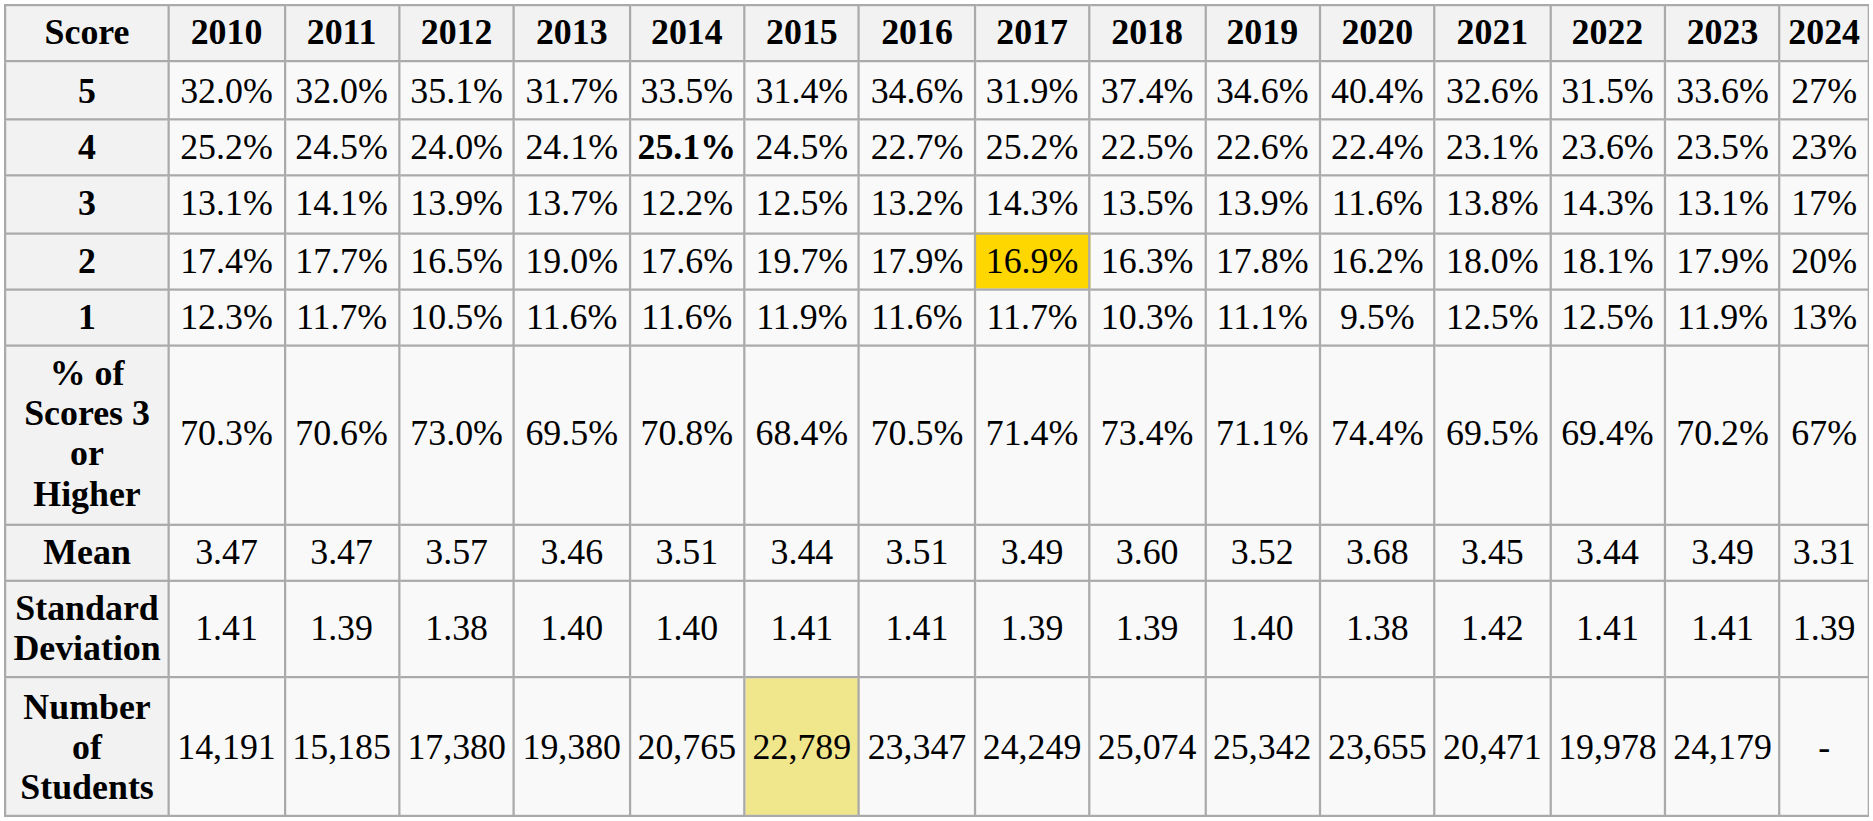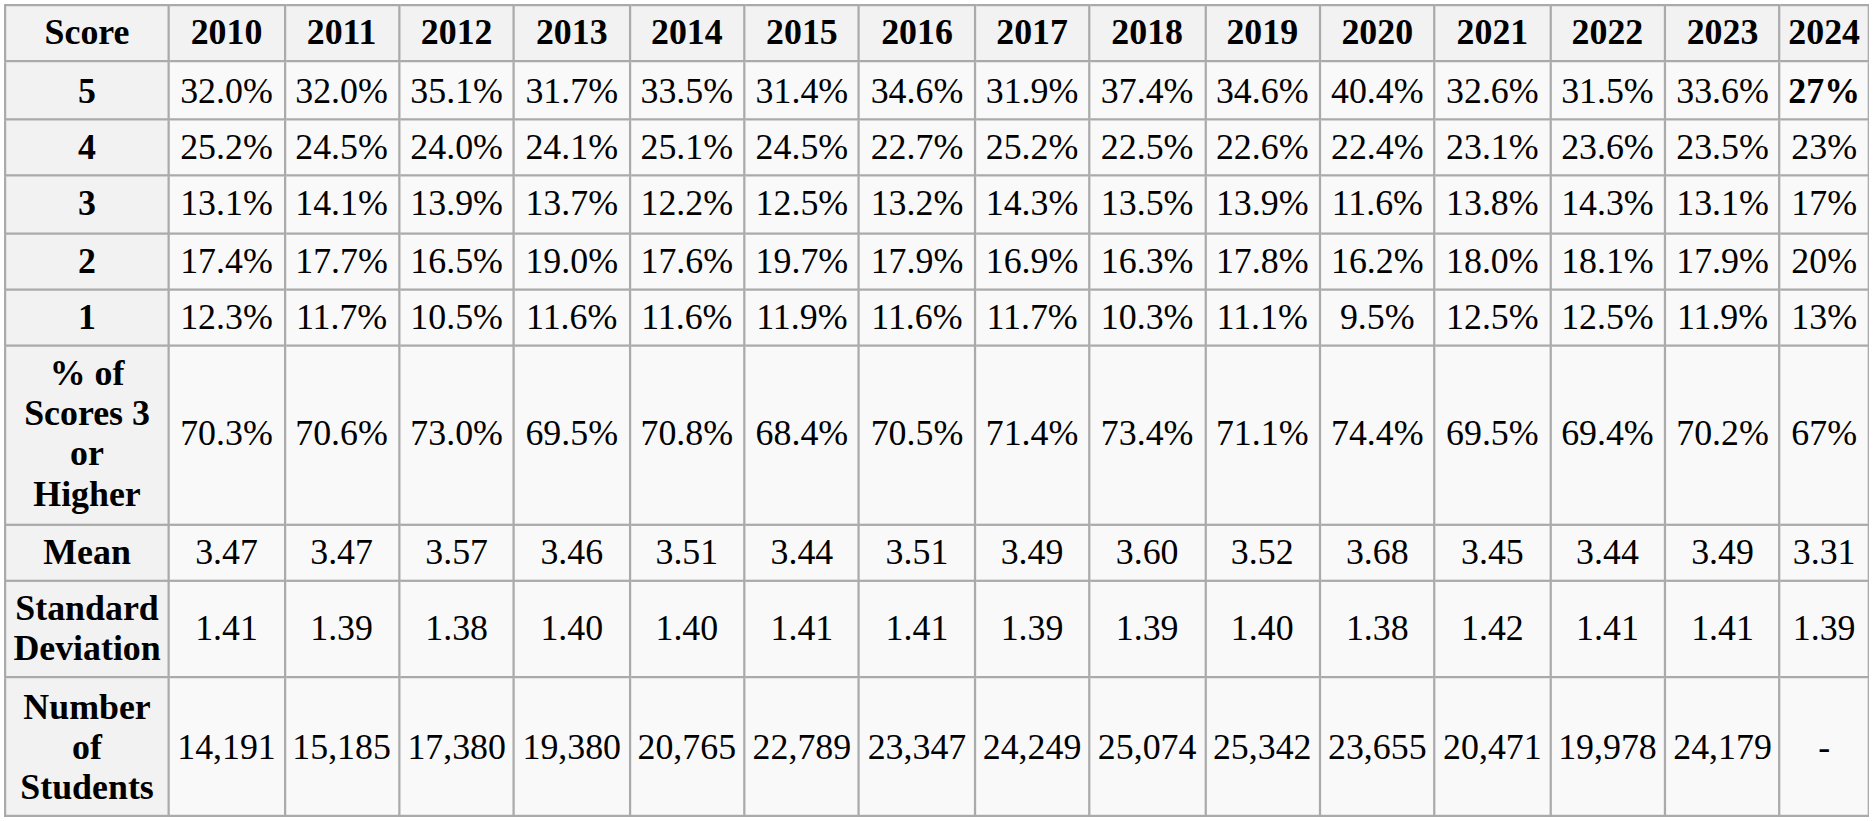 <table class="wikitable" border="1">
 <tr>
 <th>Score</th>
 <th>2010</th>
 <th>2011</th>
 <th>2012</th>
 <th>2013</th>
 <th>2014</th>
 <th>2015</th>
 <th>2016</th>
 <th>2017</th>
 <th>2018</th>
 <th>2019</th>
 <th>2020</th>
 <th>2021</th>
 <th>2022</th>
 <th>2023</th>
 <th>2024</th>
 </tr>
 <tr align="center">
 <th>5</th>
 <td>32.0%</td>
 <td>32.0%</td>
 <td>35.1%</td>
 <td>31.7%</td>
 <td>33.5%</td>
 <td>31.4%</td>
 <td>34.6%</td>
 <td>31.9%</td>
 <td>37.4%</td>
 <td>34.6%</td>
 <td>40.4%</td>
 <td>32.6%</td>
 <td>31.5%</td>
 <td>33.6%</td>
-<td>27%</td>
+<td><strong>27%</strong></td>
 </tr>
 <tr align="center">
 <th>4</th>
 <td>25.2%</td>
 <td>24.5%</td>
 <td>24.0%</td>
 <td>24.1%</td>
-<td><strong>25.1%</strong></td>
+<td>25.1%</td>
 <td>24.5%</td>
 <td>22.7%</td>
 <td>25.2%</td>
 <td>22.5%</td>
 <td>22.6%</td>
 <td>22.4%</td>
 <td>23.1%</td>
 <td>23.6%</td>
 <td>23.5%</td>
 <td>23%</td>
 </tr>
 <tr align="center">
 <th>3</th>
 <td>13.1%</td>
 <td>14.1%</td>
 <td>13.9%</td>
 <td>13.7%</td>
 <td>12.2%</td>
 <td>12.5%</td>
 <td>13.2%</td>
 <td>14.3%</td>
 <td>13.5%</td>
 <td>13.9%</td>
 <td>11.6%</td>
 <td>13.8%</td>
 <td>14.3%</td>
 <td>13.1%</td>
 <td>17%</td>
 </tr>
 <tr align="center">
 <th>2</th>
 <td>17.4%</td>
 <td>17.7%</td>
 <td>16.5%</td>
 <td>19.0%</td>
 <td>17.6%</td>
 <td>19.7%</td>
 <td>17.9%</td>
-<td style="background: gold;">16.9%</td>
+<td>16.9%</td>
 <td>16.3%</td>
 <td>17.8%</td>
 <td>16.2%</td>
 <td>18.0%</td>
 <td>18.1%</td>
 <td>17.9%</td>
 <td>20%</td>
 </tr>
 <tr align="center">
 <th>1</th>
 <td>12.3%</td>
 <td>11.7%</td>
 <td>10.5%</td>
 <td>11.6%</td>
 <td>11.6%</td>
 <td>11.9%</td>
 <td>11.6%</td>
 <td>11.7%</td>
 <td>10.3%</td>
 <td>11.1%</td>
 <td>9.5%</td>
 <td>12.5%</td>
 <td>12.5%</td>
 <td>11.9%</td>
 <td>13%</td>
 </tr>
 <tr align="center">
 <th>% of Scores 3 or Higher</th>
 <td>70.3%</td>
 <td>70.6%</td>
 <td>73.0%</td>
 <td>69.5%</td>
 <td>70.8%</td>
 <td>68.4%</td>
 <td>70.5%</td>
 <td>71.4%</td>
 <td>73.4%</td>
 <td>71.1%</td>
 <td>74.4%</td>
 <td>69.5%</td>
 <td>69.4%</td>
 <td>70.2%</td>
 <td>67%</td>
 </tr>
 <tr align="center">
 <th>Mean</th>
 <td>3.47</td>
 <td>3.47</td>
 <td>3.57</td>
 <td>3.46</td>
 <td>3.51</td>
 <td>3.44</td>
 <td>3.51</td>
 <td>3.49</td>
 <td>3.60</td>
 <td>3.52</td>
 <td>3.68</td>
 <td>3.45</td>
 <td>3.44</td>
 <td>3.49</td>
 <td>3.31</td>
 </tr>
 <tr align="center">
 <th>Standard Deviation</th>
 <td>1.41</td>
 <td>1.39</td>
 <td>1.38</td>
 <td>1.40</td>
 <td>1.40</td>
 <td>1.41</td>
 <td>1.41</td>
 <td>1.39</td>
 <td>1.39</td>
 <td>1.40</td>
 <td>1.38</td>
 <td>1.42</td>
 <td>1.41</td>
 <td>1.41</td>
 <td>1.39</td>
 </tr>
 <tr align="center">
 <th>Number of Students</th>
 <td>14,191</td>
 <td>15,185</td>
 <td>17,380</td>
 <td>19,380</td>
 <td>20,765</td>
-<td style="background: khaki;">22,789</td>
+<td>22,789</td>
 <td>23,347</td>
 <td>24,249</td>
 <td>25,074</td>
 <td>25,342</td>
 <td>23,655</td>
 <td>20,471</td>
 <td>19,978</td>
 <td>24,179</td>
 <td>-</td>
 </tr>
 <tr>
 </tr>
 </table>
